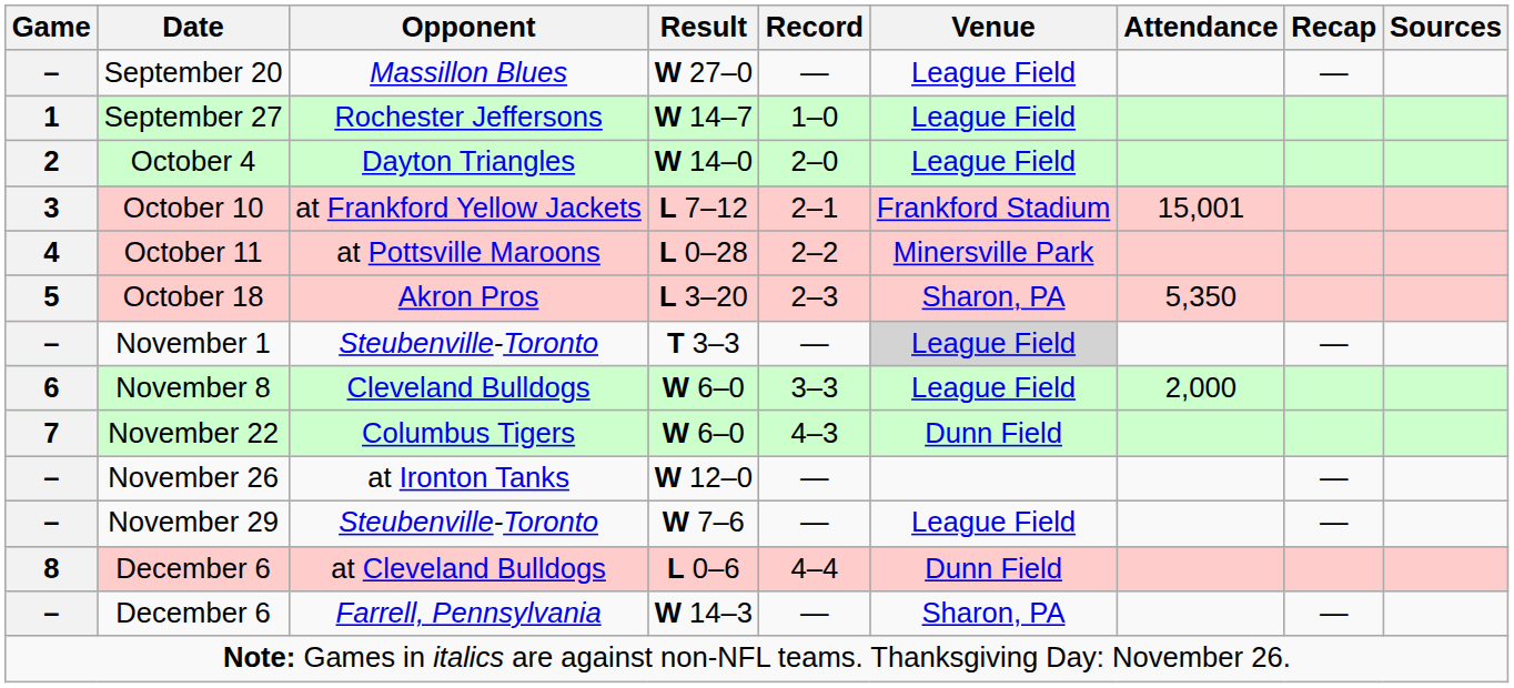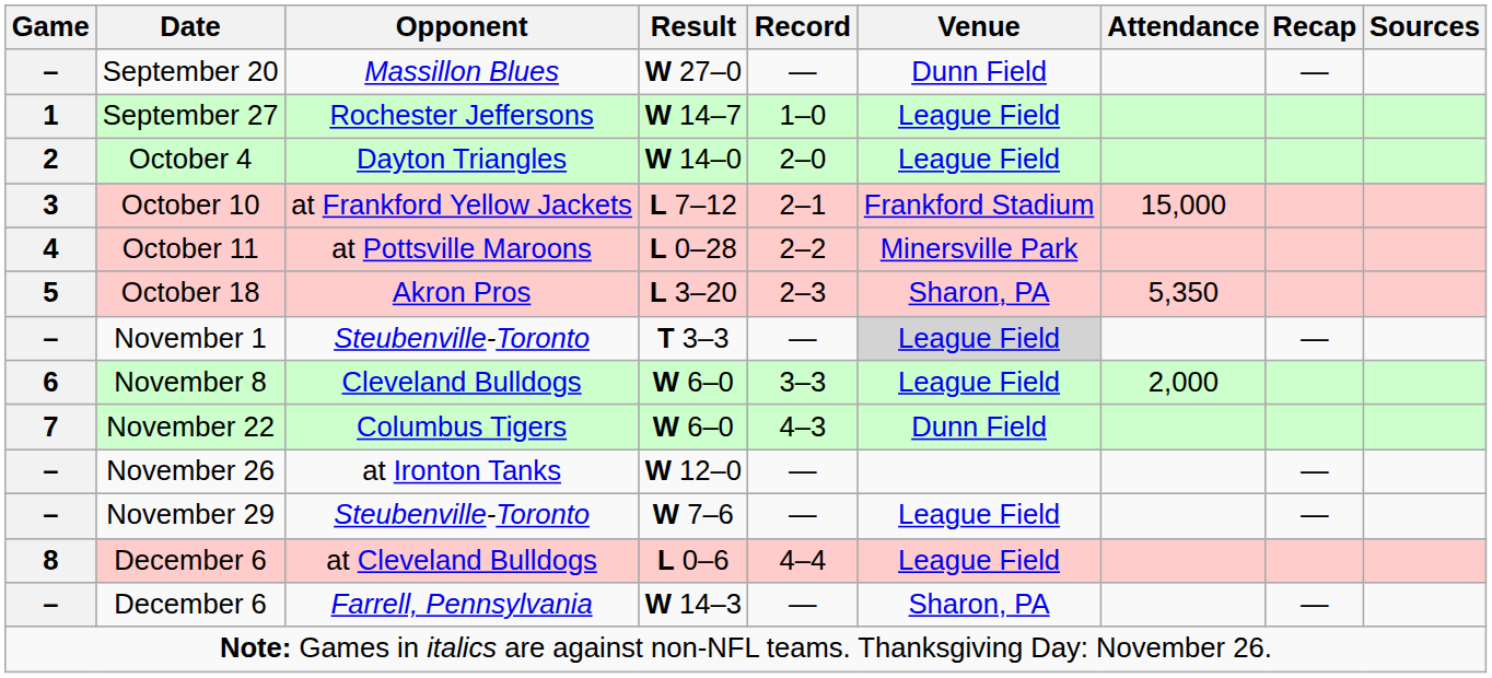 <table class="wikitable" style="text-align:center">
 <tr>
 <th>Game</th>
 <th>Date</th>
 <th>Opponent</th>
 <th>Result</th>
 <th>Record</th>
 <th>Venue</th>
 <th>Attendance</th>
 <th>Recap</th>
 <th>Sources</th>
 </tr>
 <tr>
 <th>–</th>
 <td>September 20</td>
 <td><em><a href='#'>Massillon Blues</a></em></td>
 <td><strong>W</strong> 27–0</td>
 <td>—</td>
-<td><a href='#'>League Field</a></td>
+<td><a href='#'>Dunn Field</a></td>
 <td></td>
 <td>—</td>
 <td></td>
 </tr>
 <tr style="background:#cfc">
 <th>1</th>
 <td>September 27</td>
 <td><a href='#'>Rochester Jeffersons</a></td>
 <td><strong>W</strong> 14–7</td>
 <td>1–0</td>
 <td><a href='#'>League Field</a></td>
 <td></td>
 <td></td>
 <td></td>
 </tr>
 <tr style="background:#cfc">
 <th>2</th>
 <td>October 4</td>
 <td><a href='#'>Dayton Triangles</a></td>
 <td><strong>W</strong> 14–0</td>
 <td>2–0</td>
 <td><a href='#'>League Field</a></td>
 <td></td>
 <td></td>
 <td></td>
 </tr>
 <tr style="background:#fcc">
 <th>3</th>
 <td>October 10</td>
 <td>at <a href='#'>Frankford Yellow Jackets</a></td>
 <td><strong>L</strong> 7–12</td>
 <td>2–1</td>
 <td><a href='#'>Frankford Stadium</a></td>
-<td>15,001</td>
+<td>15,000</td>
 <td></td>
 <td></td>
 </tr>
 <tr style="background:#fcc">
 <th>4</th>
 <td>October 11</td>
 <td>at <a href='#'>Pottsville Maroons</a></td>
 <td><strong>L</strong> 0–28</td>
 <td>2–2</td>
 <td><a href='#'>Minersville Park</a></td>
 <td></td>
 <td></td>
 <td></td>
 </tr>
 <tr style="background:#fcc">
 <th>5</th>
 <td>October 18</td>
 <td><a href='#'>Akron Pros</a></td>
 <td><strong>L</strong> 3–20</td>
 <td>2–3</td>
 <td><a href='#'>Sharon, PA</a></td>
 <td>5,350</td>
 <td></td>
 <td></td>
 </tr>
 <tr>
 <th>–</th>
 <td>November 1</td>
 <td><em><a href='#'>Steubenville</a>-<a href='#'>Toronto</a></em></td>
 <td><strong>T</strong> 3–3</td>
 <td>—</td>
 <td style="background: lightgrey;"><a href='#'>League Field</a></td>
 <td></td>
 <td>—</td>
 <td></td>
 </tr>
 <tr style="background:#cfc">
 <th>6</th>
 <td>November 8</td>
 <td><a href='#'>Cleveland Bulldogs</a></td>
 <td><strong>W</strong> 6–0</td>
 <td>3–3</td>
 <td><a href='#'>League Field</a></td>
 <td>2,000</td>
 <td></td>
 <td></td>
 </tr>
 <tr style="background:#cfc">
 <th>7</th>
 <td>November 22</td>
 <td><a href='#'>Columbus Tigers</a></td>
 <td><strong>W</strong> 6–0</td>
 <td>4–3</td>
 <td><a href='#'>Dunn Field</a></td>
 <td></td>
 <td></td>
 <td></td>
 </tr>
 <tr>
 <th>–</th>
 <td>November 26</td>
 <td>at <a href='#'>Ironton Tanks</a></td>
 <td><strong>W</strong> 12–0</td>
 <td>—</td>
 <td></td>
 <td></td>
 <td>—</td>
 <td></td>
 </tr>
 <tr>
 <th>–</th>
 <td>November 29</td>
 <td><em><a href='#'>Steubenville</a>-<a href='#'>Toronto</a></em></td>
 <td><strong>W</strong> 7–6</td>
 <td>—</td>
 <td><a href='#'>League Field</a></td>
 <td></td>
 <td>—</td>
 <td></td>
 </tr>
 <tr style="background:#fcc">
 <th>8</th>
 <td>December 6</td>
 <td>at <a href='#'>Cleveland Bulldogs</a></td>
 <td><strong>L</strong> 0–6</td>
 <td>4–4</td>
-<td><a href='#'>Dunn Field</a></td>
+<td><a href='#'>League Field</a></td>
 <td></td>
 <td></td>
 <td></td>
 </tr>
 <tr>
 <th>–</th>
 <td>December 6</td>
 <td><em><a href='#'>Farrell, Pennsylvania</a></em></td>
 <td><strong>W</strong> 14–3</td>
 <td>—</td>
 <td><a href='#'>Sharon, PA</a></td>
 <td></td>
 <td>—</td>
 <td></td>
 </tr>
 <tr>
 <td colspan="10"><strong>Note:</strong> Games in <em>italics</em> are against non-NFL teams. Thanksgiving Day: November 26.</td>
 </tr>
 </table>
